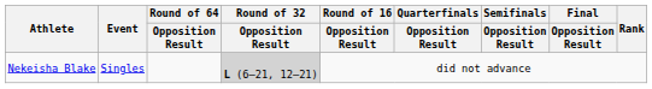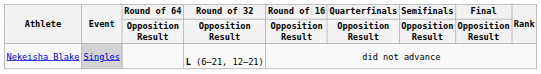 <table class="wikitable" style="font-size:90%">
 <tr>
 <th rowspan="2">Athlete</th>
 <th rowspan="2">Event</th>
 <th>Round of 64</th>
 <th>Round of 32</th>
 <th>Round of 16</th>
 <th>Quarterfinals</th>
 <th>Semifinals</th>
 <th>Final</th>
 <th rowspan="2">Rank</th>
 </tr>
 <tr>
 <th>Opposition<br>Result</th>
 <th>Opposition<br>Result</th>
 <th>Opposition<br>Result</th>
 <th>Opposition<br>Result</th>
 <th>Opposition<br>Result</th>
 <th>Opposition<br>Result</th>
 </tr>
 <tr align=center>
 <td align=left><a href='#'>Nekeisha Blake</a></td>
-<td align=left><a href='#'>Singles</a></td>
+<td align=left style="background: lightgrey;"><a href='#'>Singles</a></td>
 <td></td>
-<td style="background: lightgrey;"><br><strong>L</strong> (6–21, 12–21)</td>
+<td><br><strong>L</strong> (6–21, 12–21)</td>
 <td colspan=5>did not advance</td>
 </tr>
 </table>
